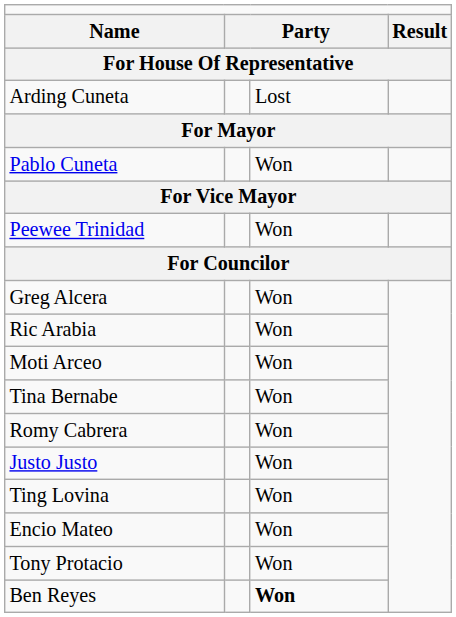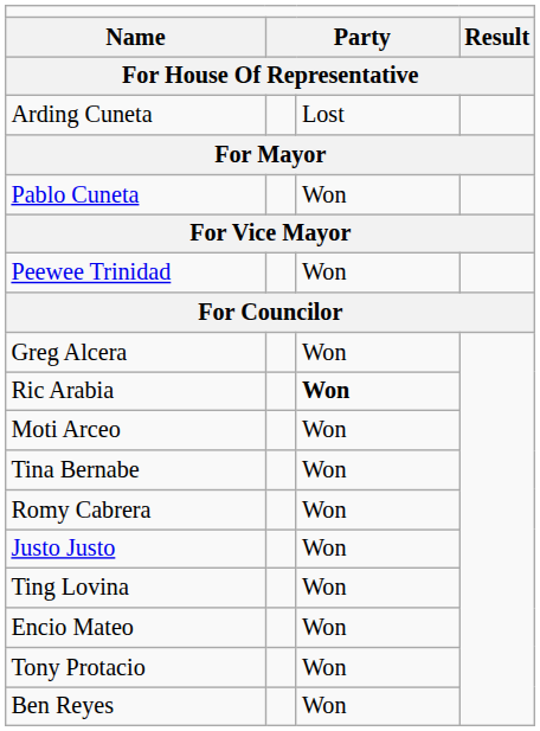 <table class="wikitable" style="font-size:90%">
 <tr>
 <td colspan="5"></td>
 </tr>
 <tr>
 <th width="150px">Name</th>
 <th colspan="2" width="110px">Party</th>
 <th>Result</th>
 </tr>
 <tr>
 <th colspan="5">For House Of Representative</th>
 </tr>
 <tr>
 <td>Arding Cuneta</td>
 <td></td>
 <td>Lost</td>
 </tr>
 <tr>
 <th colspan="5">For Mayor</th>
 </tr>
 <tr>
 <td><a href='#'>Pablo Cuneta</a></td>
 <td></td>
 <td>Won</td>
 </tr>
 <tr>
 <th colspan="5">For Vice Mayor</th>
 </tr>
 <tr>
 <td><a href='#'>Peewee Trinidad</a></td>
 <td></td>
 <td>Won</td>
 </tr>
 <tr>
 <th colspan="5">For Councilor</th>
 </tr>
 <tr>
 <td>Greg Alcera</td>
 <td></td>
 <td>Won</td>
 </tr>
 <tr>
 <td>Ric Arabia</td>
 <td></td>
-<td>Won</td>
+<td><strong>Won</strong></td>
 </tr>
 <tr>
 <td>Moti Arceo</td>
 <td></td>
 <td>Won</td>
 </tr>
 <tr>
 <td>Tina Bernabe</td>
 <td></td>
 <td>Won</td>
 </tr>
 <tr>
 <td>Romy Cabrera</td>
 <td></td>
 <td>Won</td>
 </tr>
 <tr>
 <td><a href='#'>Justo Justo</a></td>
 <td></td>
 <td>Won</td>
 </tr>
 <tr>
 <td>Ting Lovina</td>
 <td></td>
 <td>Won</td>
 </tr>
 <tr>
 <td>Encio Mateo</td>
 <td></td>
 <td>Won</td>
 </tr>
 <tr>
 <td>Tony Protacio</td>
 <td></td>
 <td>Won</td>
 </tr>
 <tr>
 <td>Ben Reyes</td>
 <td></td>
-<td><strong>Won</strong></td>
+<td>Won</td>
 </tr>
 </table>
